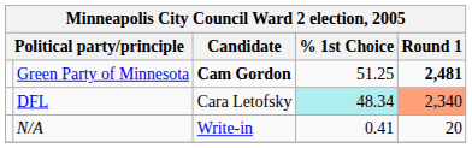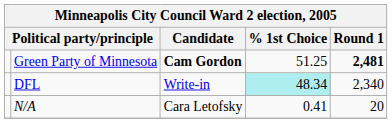 <table class="wikitable" style="font-size:95%">
 <tr>
 <th colspan="5">Minneapolis City Council Ward 2 election, 2005</th>
 </tr>
 <tr>
 <th colspan="2">Political party/principle</th>
 <th>Candidate</th>
 <th>% 1st Choice</th>
 <th>Round 1</th>
 </tr>
 <tr>
 <td style="background-color:"></td>
 <td><a href='#'>Green Party of Minnesota</a></td>
 <td><strong>Cam Gordon</strong></td>
 <td align="right">51.25</td>
 <td align="right"><strong>2,481</strong></td>
 </tr>
 <tr>
 <td style="background-color:"></td>
 <td><a href='#'>DFL</a></td>
-<td>Cara Letofsky</td>
+<td><a href='#'>Write-in</a></td>
 <td align="right" style="background: paleturquoise;">48.34</td>
-<td align="right" style="background: lightsalmon;">2,340</td>
+<td align="right">2,340</td>
 </tr>
 <tr>
 <td style="background-color:"></td>
 <td><em>N/A</em></td>
-<td><a href='#'>Write-in</a></td>
+<td>Cara Letofsky</td>
 <td align="right">0.41</td>
 <td align="right">20</td>
 </tr>
 <tr>
 </tr>
 </table>
